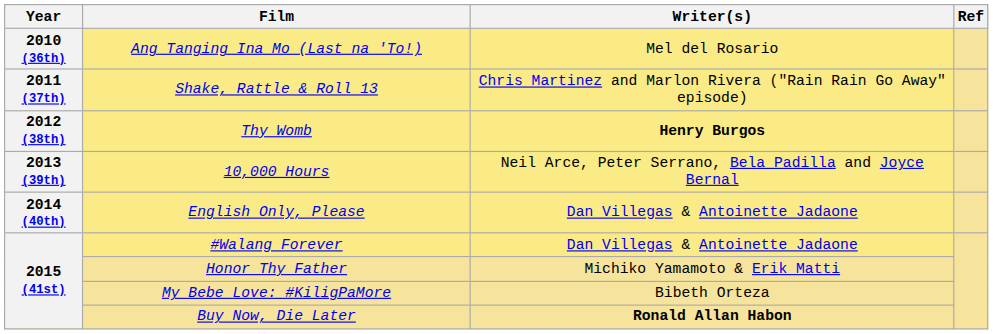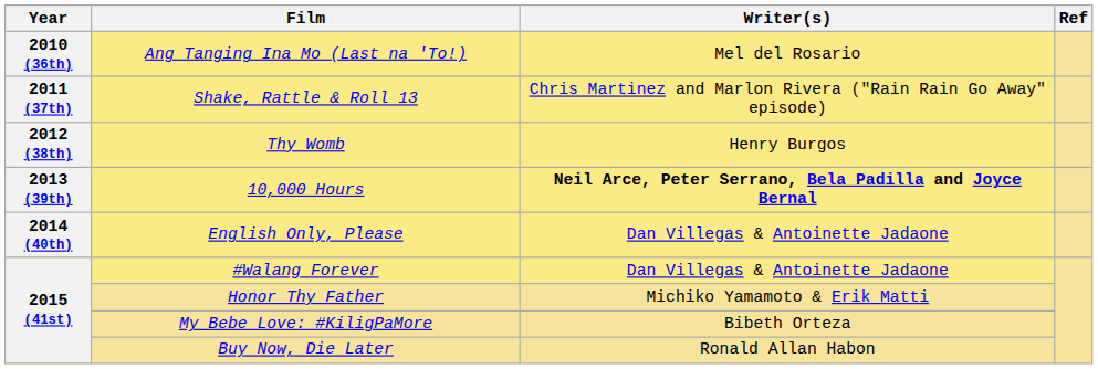 <table class="wikitable" rowspan=2 style="text-align: center; background: #f6e39c">
 <tr style="background:#bebebe;">
 <th scope="col" style="width:8%;">Year</th>
 <th scope="col" style="width:40%;">Film</th>
 <th scope="col" style="width:50%;">Writer(s)</th>
 <th scope="col" style="width:2%;">Ref</th>
 </tr>
 <tr>
 <th scope="row" style="text-align:center">2010 <br><small><a href='#'>(36th)</a> </small></th>
 <td style="background:#FAEB86"><em><a href='#'>Ang Tanging Ina Mo (Last na 'To!)</a></em></td>
 <td style="background:#FAEB86">Mel del Rosario</td>
 <td></td>
 </tr>
 <tr>
 <th scope="row" style="text-align:center">2011 <br><small><a href='#'>(37th)</a> </small></th>
 <td style="background:#FAEB86"><em><a href='#'>Shake, Rattle & Roll 13</a></em></td>
 <td style="background:#FAEB86"><a href='#'>Chris Martinez</a> and Marlon Rivera ("Rain Rain Go Away" episode)</td>
 <td></td>
 </tr>
 <tr>
 <th scope="row" style="text-align:center">2012 <br><small><a href='#'>(38th)</a> </small></th>
 <td style="background:#FAEB86"><em><a href='#'>Thy Womb</a></em></td>
-<td style="background:#FAEB86"><strong>Henry Burgos</strong></td>
+<td style="background:#FAEB86">Henry Burgos</td>
 <td></td>
 </tr>
 <tr>
 <th scope="row" style="text-align:center">2013 <br><small><a href='#'>(39th)</a> </small></th>
 <td style="background:#FAEB86"><em><a href='#'>10,000 Hours</a></em></td>
-<td style="background:#FAEB86">Neil Arce, Peter Serrano, <a href='#'>Bela Padilla</a> and <a href='#'>Joyce Bernal</a></td>
+<td style="background:#FAEB86"><strong>Neil Arce, Peter Serrano, <a href='#'>Bela Padilla</a> and <a href='#'>Joyce Bernal</a></strong></td>
 <td></td>
 </tr>
 <tr>
 <th scope="row" style="text-align:center">2014 <br><small><a href='#'>(40th)</a> </small></th>
 <td style="background:#FAEB86"><em><a href='#'>English Only, Please</a></em></td>
 <td style="background:#FAEB86"><a href='#'>Dan Villegas</a> & <a href='#'>Antoinette Jadaone</a></td>
 <td></td>
 </tr>
 <tr>
 <th scope="row" style="text-align:center" rowspan=4>2015 <br><small><a href='#'>(41st)</a> </small></th>
 <td style="background:#FAEB86"><em><a href='#'>#Walang Forever</a></em></td>
 <td style="background:#FAEB86"><a href='#'>Dan Villegas</a> & <a href='#'>Antoinette Jadaone</a></td>
 <td rowspan=4></td>
 </tr>
 <tr>
 <td><em><a href='#'>Honor Thy Father</a></em></td>
 <td>Michiko Yamamoto & <a href='#'>Erik Matti</a></td>
 </tr>
 <tr>
 <td><em><a href='#'>My Bebe Love: #KiligPaMore</a></em></td>
 <td>Bibeth Orteza</td>
 </tr>
 <tr>
 <td><em><a href='#'>Buy Now, Die Later</a></em></td>
-<td><strong>Ronald Allan Habon</strong></td>
+<td>Ronald Allan Habon</td>
 </tr>
 </table>
